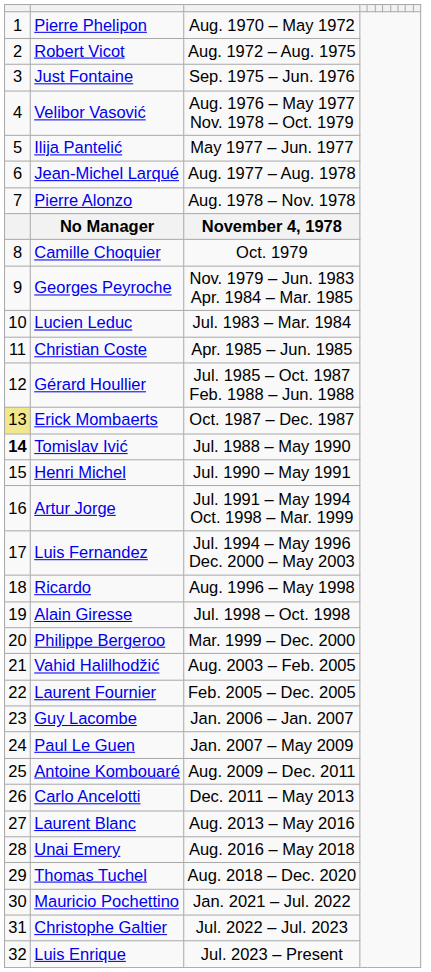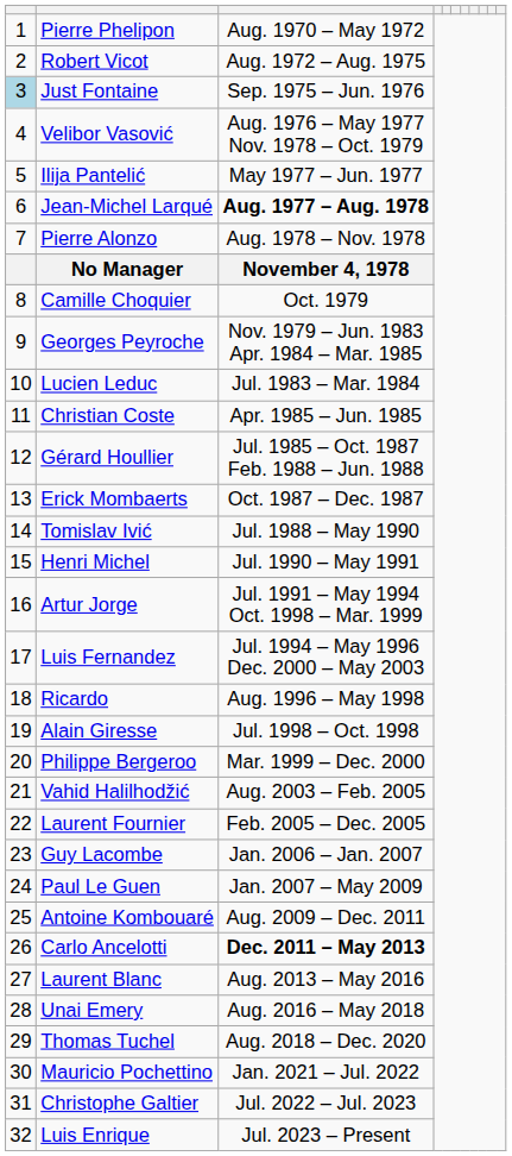 <table class="wikitable plainrowheaders sortable" style="text-align:center">
 <tr>
 <th></th>
 <th></th>
 <th></th>
 <th></th>
 <th></th>
 <th></th>
 <th></th>
 <th></th>
 <th></th>
 <th></th>
 <th></th>
 </tr>
 <tr>
 <td>1</td>
 <td align="left"> <a href='#'>Pierre Phelipon</a></td>
 <td>Aug. 1970 – May 1972<br></td>
 </tr>
 <tr>
 <td>2</td>
 <td align="left"> <a href='#'>Robert Vicot</a></td>
 <td>Aug. 1972 – Aug. 1975<br></td>
 </tr>
 <tr>
-<td>3</td>
+<td style="background: lightblue;">3</td>
 <td align="left"> <a href='#'>Just Fontaine</a></td>
 <td>Sep. 1975 – Jun. 1976<br></td>
 </tr>
 <tr>
 <td>4</td>
 <td align="left"> <a href='#'>Velibor Vasović</a></td>
 <td>Aug. 1976 – May 1977<br>Nov. 1978 – Oct. 1979<br></td>
 </tr>
 <tr>
 <td>5</td>
 <td align="left"> <a href='#'>Ilija Pantelić</a></td>
 <td>May 1977 – Jun. 1977<br></td>
 </tr>
 <tr>
 <td>6</td>
 <td align="left"> <a href='#'>Jean-Michel Larqué</a></td>
-<td>Aug. 1977 – Aug. 1978<br></td>
+<td><strong>Aug. 1977 – Aug. 1978<br></strong></td>
 </tr>
 <tr>
 <td>7</td>
 <td align="left"> <a href='#'>Pierre Alonzo</a></td>
 <td>Aug. 1978 – Nov. 1978<br></td>
 </tr>
 <tr>
 <th></th>
 <th>No Manager </th>
 <th>November 4, 1978<br></th>
 </tr>
 <tr>
 <td>8</td>
 <td align="left"> <a href='#'>Camille Choquier</a></td>
 <td>Oct. 1979<br></td>
 </tr>
 <tr>
 <td>9</td>
 <td align="left"> <a href='#'>Georges Peyroche</a></td>
 <td>Nov. 1979 – Jun. 1983<br>Apr. 1984 – Mar. 1985<br></td>
 </tr>
 <tr>
 <td>10</td>
 <td align="left"> <a href='#'>Lucien Leduc</a></td>
 <td>Jul. 1983 – Mar. 1984<br></td>
 </tr>
 <tr>
 <td>11</td>
 <td align="left"> <a href='#'>Christian Coste</a></td>
 <td>Apr. 1985 – Jun. 1985<br></td>
 </tr>
 <tr>
 <td>12</td>
 <td align="left"> <a href='#'>Gérard Houllier</a></td>
 <td>Jul. 1985 – Oct. 1987<br>Feb. 1988 – Jun. 1988<br></td>
 </tr>
 <tr>
-<td style="background: khaki;">13</td>
+<td>13</td>
 <td align="left"> <a href='#'>Erick Mombaerts</a></td>
 <td>Oct. 1987 – Dec. 1987<br></td>
 </tr>
 <tr>
-<td><strong>14</strong></td>
+<td>14</td>
 <td align="left"> <a href='#'>Tomislav Ivić</a></td>
 <td>Jul. 1988 – May 1990<br></td>
 </tr>
 <tr>
 <td>15</td>
 <td align="left"> <a href='#'>Henri Michel</a></td>
 <td>Jul. 1990 – May 1991<br></td>
 </tr>
 <tr>
 <td>16</td>
 <td align="left"> <a href='#'>Artur Jorge</a></td>
 <td>Jul. 1991 – May 1994<br>Oct. 1998 – Mar. 1999<br></td>
 </tr>
 <tr>
 <td>17</td>
 <td align="left"> <a href='#'>Luis Fernandez</a></td>
 <td>Jul. 1994 – May 1996<br>Dec. 2000 – May 2003<br></td>
 </tr>
 <tr>
 <td>18</td>
 <td align="left"> <a href='#'>Ricardo</a></td>
 <td>Aug. 1996 – May 1998<br></td>
 </tr>
 <tr>
 <td>19</td>
 <td align="left"> <a href='#'>Alain Giresse</a></td>
 <td>Jul. 1998 – Oct. 1998<br></td>
 </tr>
 <tr>
 <td>20</td>
 <td align="left"> <a href='#'>Philippe Bergeroo</a></td>
 <td>Mar. 1999 – Dec. 2000<br></td>
 </tr>
 <tr>
 <td>21</td>
 <td align="left"> <a href='#'>Vahid Halilhodžić</a></td>
 <td>Aug. 2003 – Feb. 2005<br></td>
 </tr>
 <tr>
 <td>22</td>
 <td align="left"> <a href='#'>Laurent Fournier</a></td>
 <td>Feb. 2005 – Dec. 2005<br></td>
 </tr>
 <tr>
 <td>23</td>
 <td align="left"> <a href='#'>Guy Lacombe</a></td>
 <td>Jan. 2006 – Jan. 2007<br></td>
 </tr>
 <tr>
 <td>24</td>
 <td align="left"> <a href='#'>Paul Le Guen</a></td>
 <td>Jan. 2007 – May 2009<br></td>
 </tr>
 <tr>
 <td>25</td>
 <td align="left"> <a href='#'>Antoine Kombouaré</a></td>
 <td>Aug. 2009 – Dec. 2011<br></td>
 </tr>
 <tr>
 <td>26</td>
 <td align="left"> <a href='#'>Carlo Ancelotti</a></td>
-<td>Dec. 2011 – May 2013<br></td>
+<td><strong>Dec. 2011 – May 2013<br></strong></td>
 </tr>
 <tr>
 <td>27</td>
 <td align="left"> <a href='#'>Laurent Blanc</a></td>
 <td>Aug. 2013 – May 2016<br></td>
 </tr>
 <tr>
 <td>28</td>
 <td align="left"> <a href='#'>Unai Emery</a></td>
 <td>Aug. 2016 – May 2018<br></td>
 </tr>
 <tr>
 <td>29</td>
 <td align="left"> <a href='#'>Thomas Tuchel</a></td>
 <td>Aug. 2018 – Dec. 2020<br></td>
 </tr>
 <tr>
 <td>30</td>
 <td align="left"> <a href='#'>Mauricio Pochettino</a></td>
 <td>Jan. 2021 – Jul. 2022<br></td>
 </tr>
 <tr>
 <td>31</td>
 <td align="left"> <a href='#'>Christophe Galtier</a></td>
 <td>Jul. 2022 – Jul. 2023<br></td>
 </tr>
 <tr>
 <td>32</td>
 <td align="left"> <a href='#'>Luis Enrique</a></td>
 <td>Jul. 2023 – Present<br></td>
 </tr>
 </table>
